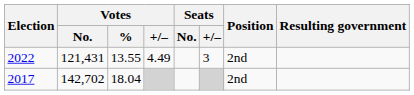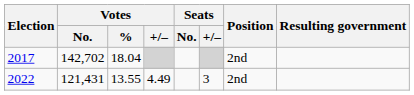 <table class="wikitable">
 <tr>
 <th rowspan="2" style="background-color:">Election</th>
 <th colspan="3" style="background-color:">Votes</th>
 <th colspan="2" style="background-color:">Seats</th>
 <th rowspan="2" style="background-color:">Position</th>
 <th rowspan="2" style="background-color:">Resulting government</th>
 </tr>
 <tr>
 <th style="background-color:">No.</th>
 <th style="background-color:">%</th>
 <th style="background-color:">+/–</th>
 <th style="background-color:">No.</th>
 <th style="background-color:">+/–</th>
 </tr>
 <tr>
+<td><a href='#'>2017</a></td>
+<td>142,702</td>
+<td>18.04</td>
+<td bgcolor="lightgray"></td>
+<td></td>
+<td bgcolor="lightgray"></td>
+<td>2nd</td>
+<td></td>
+</tr>
+<tr>
 <td><a href='#'>2022</a></td>
 <td>121,431</td>
 <td>13.55</td>
 <td> 4.49</td>
 <td></td>
 <td> 3</td>
 <td> 2nd</td>
 <td></td>
 </tr>
-<tr>
-<td><a href='#'>2017</a></td>
-<td>142,702</td>
-<td>18.04</td>
-<td bgcolor="lightgray"></td>
-<td></td>
-<td bgcolor="lightgray"></td>
-<td>2nd</td>
-<td></td>
-</tr>
 </table>
